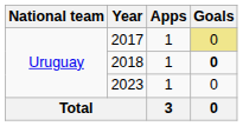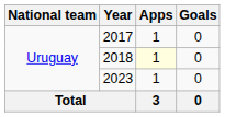 <table class="wikitable" style="text-align:center">
 <tr>
 <th>National team</th>
 <th>Year</th>
 <th>Apps</th>
 <th>Goals</th>
 </tr>
 <tr>
 <td rowspan="3"><a href='#'>Uruguay</a></td>
 <td>2017</td>
 <td>1</td>
-<td style="background: khaki;">0</td>
+<td>0</td>
 </tr>
 <tr>
 <td>2018</td>
-<td>1</td>
-<td><strong>0</strong></td>
+<td style="background: lightyellow;">1</td>
+<td>0</td>
 </tr>
 <tr>
 <td>2023</td>
 <td>1</td>
 <td>0</td>
 </tr>
 <tr>
 <th colspan="2">Total</th>
 <th>3</th>
 <th>0</th>
 </tr>
 </table>
